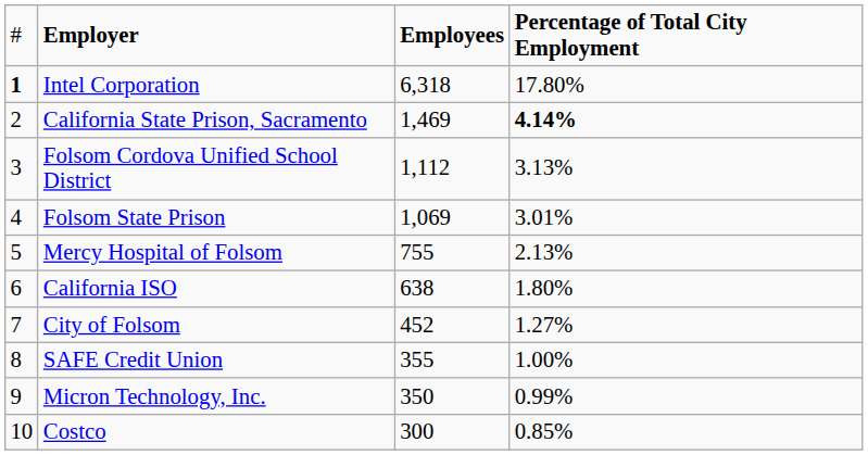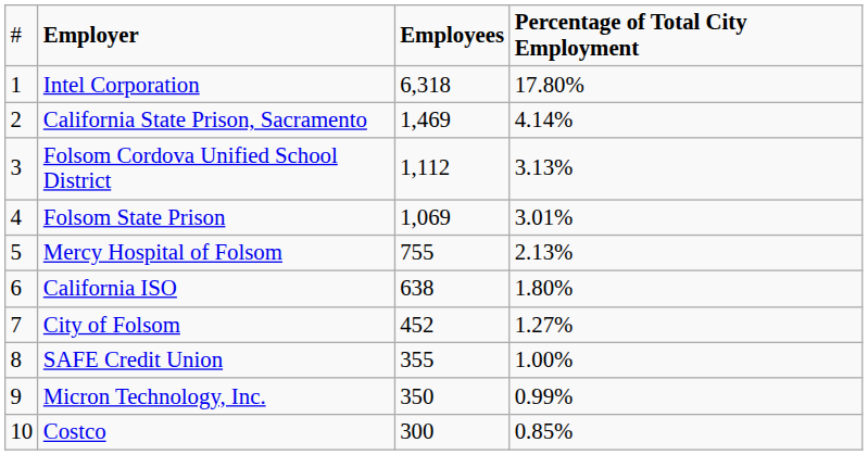 <table class="wikitable">
 <tr>
 <td>#</td>
 <td><strong>Employer</strong></td>
 <td><strong>Employees</strong></td>
 <td><strong>Percentage of Total City Employment</strong></td>
 </tr>
 <tr>
-<td><strong>1</strong></td>
+<td>1</td>
 <td><a href='#'>Intel Corporation</a></td>
 <td>6,318</td>
 <td>17.80%</td>
 </tr>
 <tr>
 <td>2</td>
 <td><a href='#'>California State Prison, Sacramento</a></td>
 <td>1,469</td>
-<td><strong>4.14%</strong></td>
+<td>4.14%</td>
 </tr>
 <tr>
 <td>3</td>
 <td><a href='#'>Folsom Cordova Unified School District</a></td>
 <td>1,112</td>
 <td>3.13%</td>
 </tr>
 <tr>
 <td>4</td>
 <td><a href='#'>Folsom State Prison</a></td>
 <td>1,069</td>
 <td>3.01%</td>
 </tr>
 <tr>
 <td>5</td>
 <td><a href='#'>Mercy Hospital of Folsom</a></td>
 <td>755</td>
 <td>2.13%</td>
 </tr>
 <tr>
 <td>6</td>
 <td><a href='#'>California ISO</a></td>
 <td>638</td>
 <td>1.80%</td>
 </tr>
 <tr>
 <td>7</td>
 <td><a href='#'>City of Folsom</a></td>
 <td>452</td>
 <td>1.27%</td>
 </tr>
 <tr>
 <td>8</td>
 <td><a href='#'>SAFE Credit Union</a></td>
 <td>355</td>
 <td>1.00%</td>
 </tr>
 <tr>
 <td>9</td>
 <td><a href='#'>Micron Technology, Inc.</a></td>
 <td>350</td>
 <td>0.99%</td>
 </tr>
 <tr>
 <td>10</td>
 <td><a href='#'>Costco</a></td>
 <td>300</td>
 <td>0.85%</td>
 </tr>
 </table>
